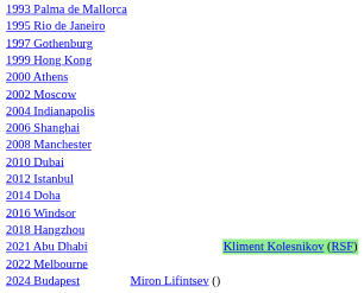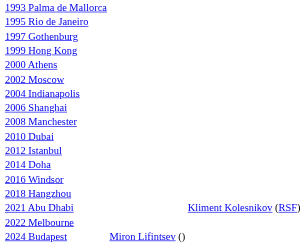 <table>
 <tr>
 <td><a href='#'>1993 Palma de Mallorca</a></td>
 <td></td>
 <td></td>
 <td></td>
 </tr>
 <tr>
 <td><a href='#'>1995 Rio de Janeiro</a></td>
 <td></td>
 <td></td>
 <td></td>
 </tr>
 <tr>
 <td><a href='#'>1997 Gothenburg</a></td>
 <td></td>
 <td></td>
 <td></td>
 </tr>
 <tr>
 <td><a href='#'>1999 Hong Kong</a></td>
 <td></td>
 <td></td>
 <td></td>
 </tr>
 <tr>
 <td><a href='#'>2000 Athens</a></td>
 <td></td>
 <td></td>
 <td></td>
 </tr>
 <tr>
 <td><a href='#'>2002 Moscow</a></td>
 <td></td>
 <td></td>
 <td></td>
 </tr>
 <tr>
 <td><a href='#'>2004 Indianapolis</a></td>
 <td></td>
 <td></td>
 <td></td>
 </tr>
 <tr>
 <td rowspan=2><a href='#'>2006 Shanghai</a></td>
 <td rowspan=2></td>
 <td rowspan=2></td>
 <td></td>
 </tr>
 <tr>
 <td></td>
 </tr>
 <tr>
 <td><a href='#'>2008 Manchester</a></td>
 <td></td>
 <td></td>
 <td></td>
 </tr>
 <tr>
 <td><a href='#'>2010 Dubai</a></td>
 <td></td>
 <td></td>
 <td></td>
 </tr>
 <tr>
 <td><a href='#'>2012 Istanbul</a></td>
 <td></td>
 <td></td>
 <td></td>
 </tr>
 <tr>
 <td><a href='#'>2014 Doha</a></td>
 <td></td>
 <td></td>
 <td></td>
 </tr>
 <tr>
 <td><a href='#'>2016 Windsor</a></td>
 <td></td>
 <td></td>
 <td></td>
 </tr>
 <tr>
 <td><a href='#'>2018 Hangzhou</a></td>
 <td></td>
 <td></td>
 <td></td>
 </tr>
 <tr>
 <td><a href='#'>2021 Abu Dhabi</a></td>
 <td></td>
-<td style="background: lightgreen;"><a href='#'>Kliment Kolesnikov</a> (<a href='#'>RSF</a>)</td>
+<td><a href='#'>Kliment Kolesnikov</a> (<a href='#'>RSF</a>)</td>
 <td></td>
 </tr>
 <tr>
 <td><a href='#'>2022 Melbourne</a></td>
 <td></td>
 <td></td>
 <td></td>
 </tr>
 <tr>
 <td><a href='#'>2024 Budapest</a></td>
 <td> <a href='#'>Miron Lifintsev</a> ()</td>
 <td></td>
 <td></td>
 </tr>
 </table>
